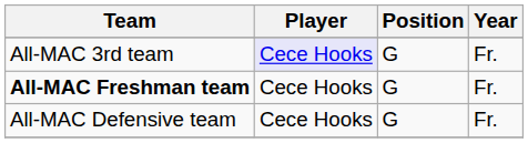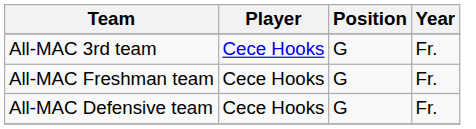 <table class="wikitable" border="1">
 <tr align=center>
 <th style= >Team</th>
 <th style= >Player</th>
 <th style= >Position</th>
 <th style= >Year</th>
 </tr>
 <tr align="center">
 </tr>
 <tr>
 <td>All-MAC 3rd team</td>
-<td style="background: lavender;"><a href='#'>Cece Hooks</a></td>
+<td><a href='#'>Cece Hooks</a></td>
 <td>G</td>
 <td>Fr.</td>
 </tr>
 <tr>
-<td><strong>All-MAC Freshman team</strong></td>
+<td>All-MAC Freshman team</td>
 <td>Cece Hooks</td>
 <td>G</td>
 <td>Fr.</td>
 </tr>
 <tr>
 <td>All-MAC Defensive team</td>
 <td>Cece Hooks</td>
 <td>G</td>
 <td>Fr.</td>
 </tr>
 <tr>
 </tr>
 </table>
